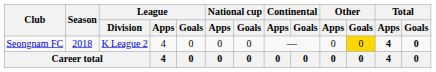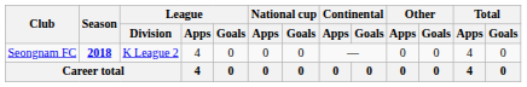 <table class="wikitable" style="text-align: center">
 <tr>
 <th rowspan="2">Club</th>
 <th rowspan="2">Season</th>
 <th colspan="3">League</th>
 <th colspan="2">National cup</th>
 <th colspan="2">Continental</th>
 <th colspan="2">Other</th>
 <th colspan="2">Total</th>
 </tr>
 <tr>
 <th>Division</th>
 <th>Apps</th>
 <th>Goals</th>
 <th>Apps</th>
 <th>Goals</th>
 <th>Apps</th>
 <th>Goals</th>
 <th>Apps</th>
 <th>Goals</th>
 <th>Apps</th>
 <th>Goals</th>
 </tr>
 <tr>
 <td><a href='#'>Seongnam FC</a></td>
-<td><a href='#'>2018</a></td>
+<td><strong><a href='#'>2018</a></strong></td>
 <td><a href='#'>K League 2</a></td>
 <td>4</td>
 <td>0</td>
 <td>0</td>
 <td>0</td>
 <td colspan="2">—</td>
 <td>0</td>
-<td style="background: gold;">0</td>
-<td><strong>4</strong></td>
-<td><strong>0</strong></td>
+<td>0</td>
+<td>4</td>
+<td>0</td>
 </tr>
 <tr>
 <th colspan=3>Career total</th>
 <th>4</th>
 <th>0</th>
 <th>0</th>
 <th>0</th>
 <th>0</th>
 <th>0</th>
 <th>0</th>
 <th>0</th>
 <th>4</th>
 <th>0</th>
 </tr>
 </table>
